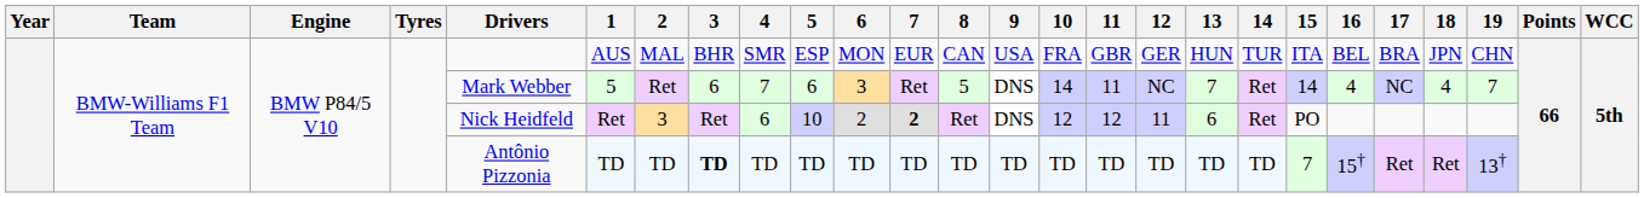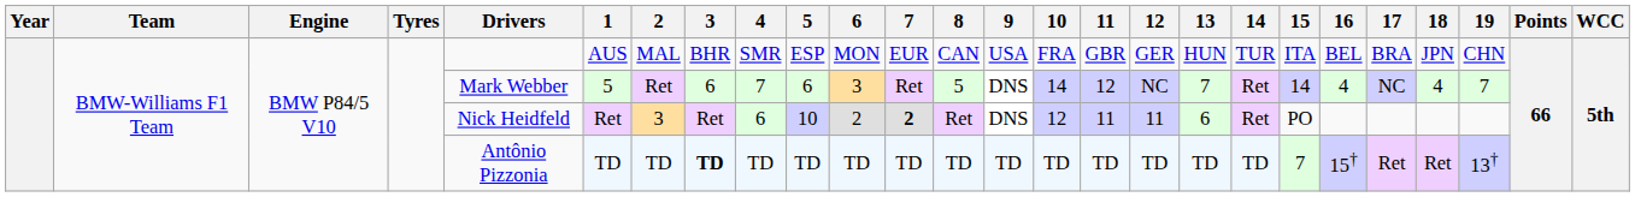 <table class="wikitable" style="text-align:center; font-size:95%">
 <tr>
 <th>Year</th>
 <th>Team</th>
 <th>Engine</th>
 <th>Tyres</th>
 <th>Drivers</th>
 <th>1</th>
 <th>2</th>
 <th>3</th>
 <th>4</th>
 <th>5</th>
 <th>6</th>
 <th>7</th>
 <th>8</th>
 <th>9</th>
 <th>10</th>
 <th>11</th>
 <th>12</th>
 <th>13</th>
 <th>14</th>
 <th>15</th>
 <th>16</th>
 <th>17</th>
 <th>18</th>
 <th>19</th>
 <th>Points</th>
 <th>WCC</th>
 </tr>
 <tr>
 <th rowspan="4"></th>
 <td rowspan="4"><a href='#'>BMW-Williams F1 Team</a></td>
 <td rowspan="4"><a href='#'>BMW</a> P84/5 <a href='#'>V10</a></td>
 <td rowspan="4"></td>
 <td></td>
 <td><a href='#'>AUS</a></td>
 <td><a href='#'>MAL</a></td>
 <td><a href='#'>BHR</a></td>
 <td><a href='#'>SMR</a></td>
 <td><a href='#'>ESP</a></td>
 <td><a href='#'>MON</a></td>
 <td><a href='#'>EUR</a></td>
 <td><a href='#'>CAN</a></td>
 <td><a href='#'>USA</a></td>
 <td><a href='#'>FRA</a></td>
 <td><a href='#'>GBR</a></td>
 <td><a href='#'>GER</a></td>
 <td><a href='#'>HUN</a></td>
 <td><a href='#'>TUR</a></td>
 <td><a href='#'>ITA</a></td>
 <td><a href='#'>BEL</a></td>
 <td><a href='#'>BRA</a></td>
 <td><a href='#'>JPN</a></td>
 <td><a href='#'>CHN</a></td>
 <th rowspan="4">66</th>
 <th rowspan="4">5th</th>
 </tr>
 <tr>
 <td> <a href='#'>Mark Webber</a></td>
 <td style="background:#DFFFDF;">5</td>
 <td style="background:#EFCFFF;">Ret</td>
 <td style="background:#DFFFDF;">6</td>
 <td style="background:#DFFFDF;">7</td>
 <td style="background:#DFFFDF;">6</td>
 <td style="background:#FFDF9F;">3</td>
 <td style="background:#EFCFFF;">Ret</td>
 <td style="background:#DFFFDF;">5</td>
 <td style="background:#FFFFFF;">DNS</td>
 <td style="background:#CFCFFF;">14</td>
-<td style="background:#CFCFFF;">11</td>
+<td style="background:#CFCFFF;">12</td>
 <td style="background:#CFCFFF;">NC</td>
 <td style="background:#DFFFDF;">7</td>
 <td style="background:#EFCFFF;">Ret</td>
 <td style="background:#CFCFFF;">14</td>
 <td style="background:#DFFFDF;">4</td>
 <td style="background:#CFCFFF;">NC</td>
 <td style="background:#DFFFDF;">4</td>
 <td style="background:#DFFFDF;">7</td>
 </tr>
 <tr>
 <td> <a href='#'>Nick Heidfeld</a></td>
 <td style="background:#EFCFFF;">Ret</td>
 <td style="background:#FFDF9F;">3</td>
 <td style="background:#EFCFFF;">Ret</td>
 <td style="background:#DFFFDF;">6</td>
 <td style="background:#CFCFFF;">10</td>
 <td style="background:#DFDFDF;">2</td>
 <td style="background:#DFDFDF;"><strong>2</strong></td>
 <td style="background:#EFCFFF;">Ret</td>
 <td style="background:#FFFFFF;">DNS</td>
 <td style="background:#CFCFFF;">12</td>
-<td style="background:#CFCFFF;">12</td>
+<td style="background:#CFCFFF;">11</td>
 <td style="background:#CFCFFF;">11</td>
 <td style="background:#DFFFDF;">6</td>
 <td style="background:#EFCFFF;">Ret</td>
 <td>PO</td>
 <td></td>
 <td></td>
 <td></td>
 <td></td>
 </tr>
 <tr>
 <td> <a href='#'>Antônio Pizzonia</a></td>
 <td style="background:#F0F8FF;">TD</td>
 <td style="background:#F0F8FF;">TD</td>
 <td style="background:#F0F8FF;"><strong>TD</strong></td>
 <td style="background:#F0F8FF;">TD</td>
 <td style="background:#F0F8FF;">TD</td>
 <td style="background:#F0F8FF;">TD</td>
 <td style="background:#F0F8FF;">TD</td>
 <td style="background:#F0F8FF;">TD</td>
 <td style="background:#F0F8FF;">TD</td>
 <td style="background:#F0F8FF;">TD</td>
 <td style="background:#F0F8FF;">TD</td>
 <td style="background:#F0F8FF;">TD</td>
 <td style="background:#F0F8FF;">TD</td>
 <td style="background:#F0F8FF;">TD</td>
 <td style="background:#DFFFDF;">7</td>
 <td style="background:#CFCFFF;">15<sup>†</sup></td>
 <td style="background:#EFCFFF;">Ret</td>
 <td style="background:#EFCFFF;">Ret</td>
 <td style="background:#CFCFFF;">13<sup>†</sup></td>
 </tr>
 </table>
